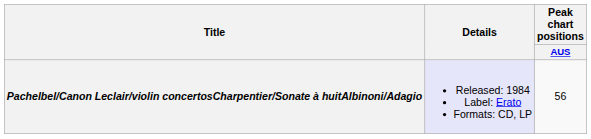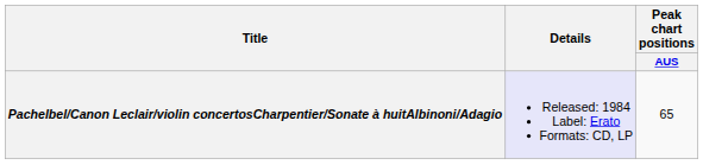 <table class="wikitable plainrowheaders" style="text-align:center;">
 <tr>
 <th scope="col" rowspan="2">Title</th>
 <th scope="col" rowspan="2">Details</th>
 <th scope="col" colspan="1">Peak chart positions</th>
 </tr>
 <tr>
 <th scope="col" style="width:3em;font-size:90%;"><a href='#'>AUS</a><br></th>
 </tr>
 <tr>
 <th scope="row"><em>Pachelbel/Canon Leclair/violin concertosCharpentier/Sonate à huitAlbinoni/Adagio</em></th>
 <td style="background: lavender;"><br><ul><li>Released: 1984</li><li>Label: <a href='#'>Erato</a></li><li>Formats: CD, LP</li></ul></td>
-<td>56</td>
+<td>65</td>
 </tr>
 </table>
